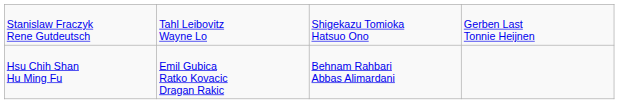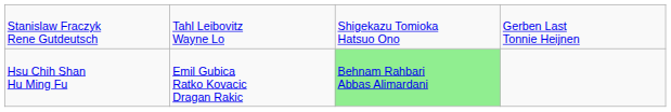 <table class="wikitable">
 <tr>
 <td style="vertical-align:top; width:220px"><br><a href='#'>Stanislaw Fraczyk</a><br><a href='#'>Rene Gutdeutsch</a></td>
 <td style="vertical-align:top; width:220px"><br><a href='#'>Tahl Leibovitz</a><br><a href='#'>Wayne Lo</a></td>
 <td style="vertical-align:top; width:220px"><br><a href='#'>Shigekazu Tomioka</a><br><a href='#'>Hatsuo Ono</a></td>
 <td style="vertical-align:top; width:220px"><br><a href='#'>Gerben Last</a><br><a href='#'>Tonnie Heijnen</a></td>
 </tr>
 <tr>
 <td style="vertical-align:top; width:220px"><br><a href='#'>Hsu Chih Shan</a><br><a href='#'>Hu Ming Fu</a></td>
 <td style="vertical-align:top; width:220px"><br><a href='#'>Emil Gubica</a><br><a href='#'>Ratko Kovacic</a><br><a href='#'>Dragan Rakic</a></td>
-<td style="vertical-align:top; width:220px"><br><a href='#'>Behnam Rahbari</a><br><a href='#'>Abbas Alimardani</a></td>
+<td style="background: lightgreen; vertical-align:top; width:220px"><br><a href='#'>Behnam Rahbari</a><br><a href='#'>Abbas Alimardani</a></td>
 </tr>
 </table>
